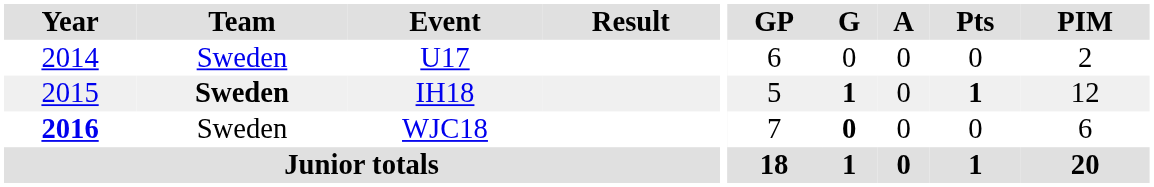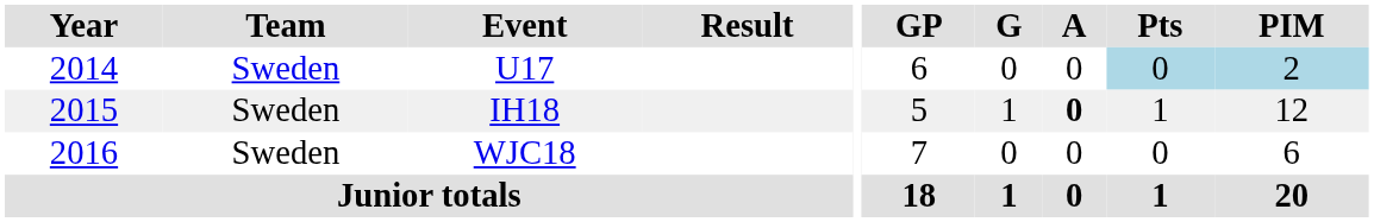 <table border="0" cellpadding="1" cellspacing="0" ID="Table3" style="text-align:center; width:40em">
 <tr ALIGN="center" bgcolor="#e0e0e0">
 <th>Year</th>
 <th>Team</th>
 <th>Event</th>
 <th>Result</th>
 <th rowspan="99" bgcolor="#ffffff"></th>
 <th>GP</th>
 <th>G</th>
 <th>A</th>
 <th>Pts</th>
 <th>PIM</th>
 </tr>
 <tr>
 <td><a href='#'>2014</a></td>
 <td><a href='#'>Sweden</a></td>
 <td><a href='#'>U17</a></td>
 <td></td>
 <td>6</td>
 <td>0</td>
 <td>0</td>
-<td>0</td>
-<td>2</td>
+<td style="background: lightblue;">0</td>
+<td style="background: lightblue;">2</td>
 </tr>
 <tr bgcolor="#f0f0f0">
 <td><a href='#'>2015</a></td>
-<td><strong>Sweden</strong></td>
+<td>Sweden</td>
 <td><a href='#'>IH18</a></td>
 <td></td>
 <td>5</td>
-<td><strong>1</strong></td>
-<td>0</td>
-<td><strong>1</strong></td>
+<td>1</td>
+<td><strong>0</strong></td>
+<td>1</td>
 <td>12</td>
 </tr>
 <tr>
-<td><strong><a href='#'>2016</a></strong></td>
+<td><a href='#'>2016</a></td>
 <td>Sweden</td>
 <td><a href='#'>WJC18</a></td>
 <td></td>
 <td>7</td>
-<td><strong>0</strong></td>
+<td>0</td>
 <td>0</td>
 <td>0</td>
 <td>6</td>
 </tr>
 <tr bgcolor="#e0e0e0">
 <th colspan="4">Junior totals</th>
 <th>18</th>
 <th>1</th>
 <th>0</th>
 <th>1</th>
 <th>20</th>
 </tr>
 </table>
